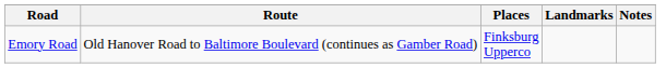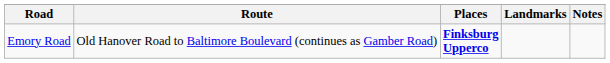 <table class="wikitable">
 <tr style="background-color:#DDDDDD;text-align:center;">
 </tr>
 <tr>
 <th>Road</th>
 <th>Route</th>
 <th>Places</th>
 <th>Landmarks</th>
 <th>Notes</th>
 </tr>
 <tr>
 <td><a href='#'>Emory Road</a></td>
 <td>Old Hanover Road to <a href='#'>Baltimore Boulevard</a> (continues as <a href='#'>Gamber Road</a>)</td>
-<td><a href='#'>Finksburg</a><br><a href='#'>Upperco</a></td>
+<td><strong><a href='#'>Finksburg</a><br><a href='#'>Upperco</a></strong></td>
 <td></td>
 <td></td>
 </tr>
 </table>
